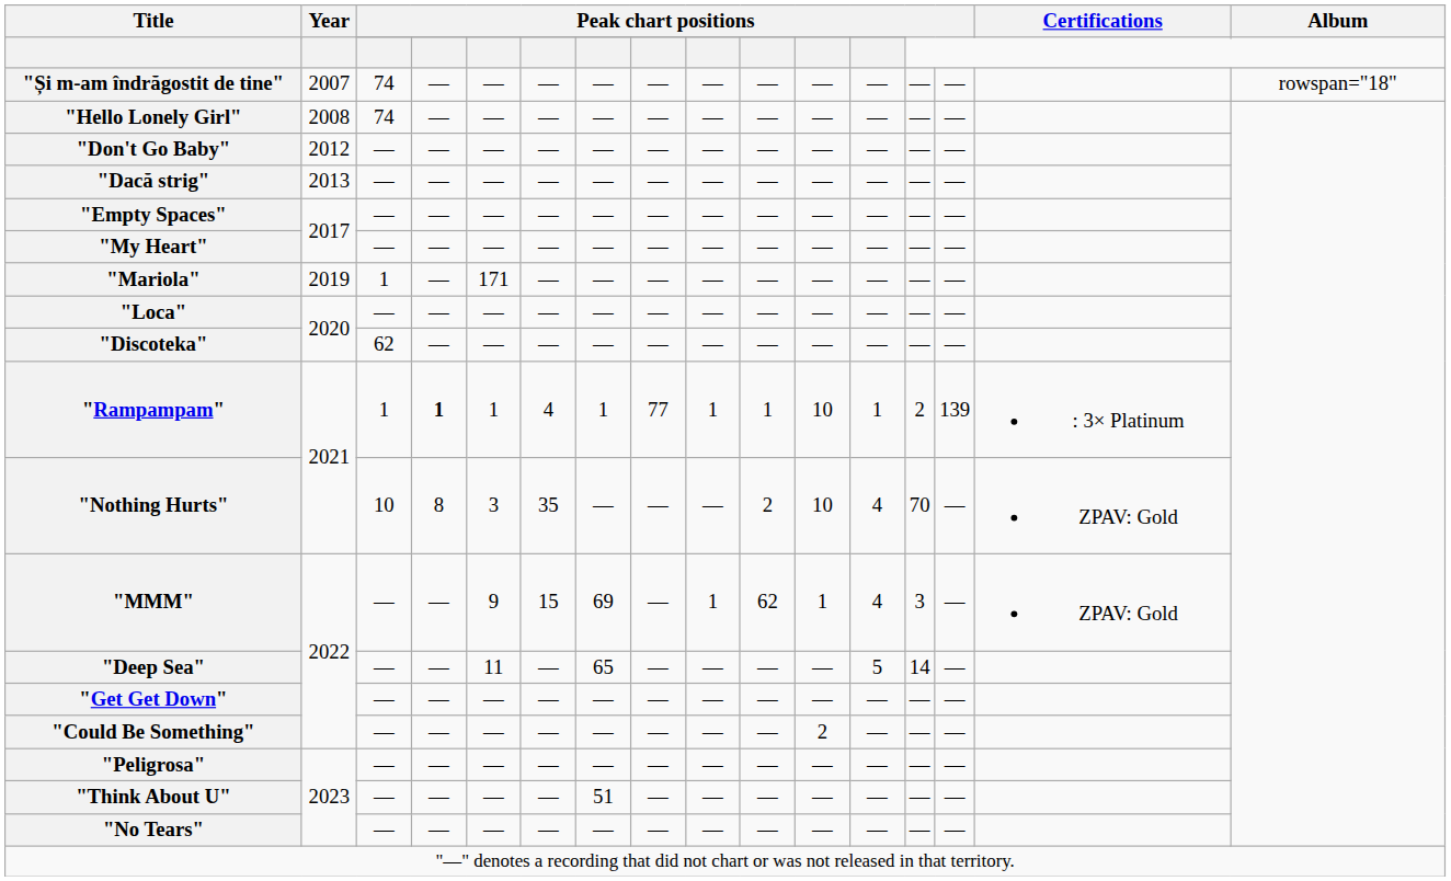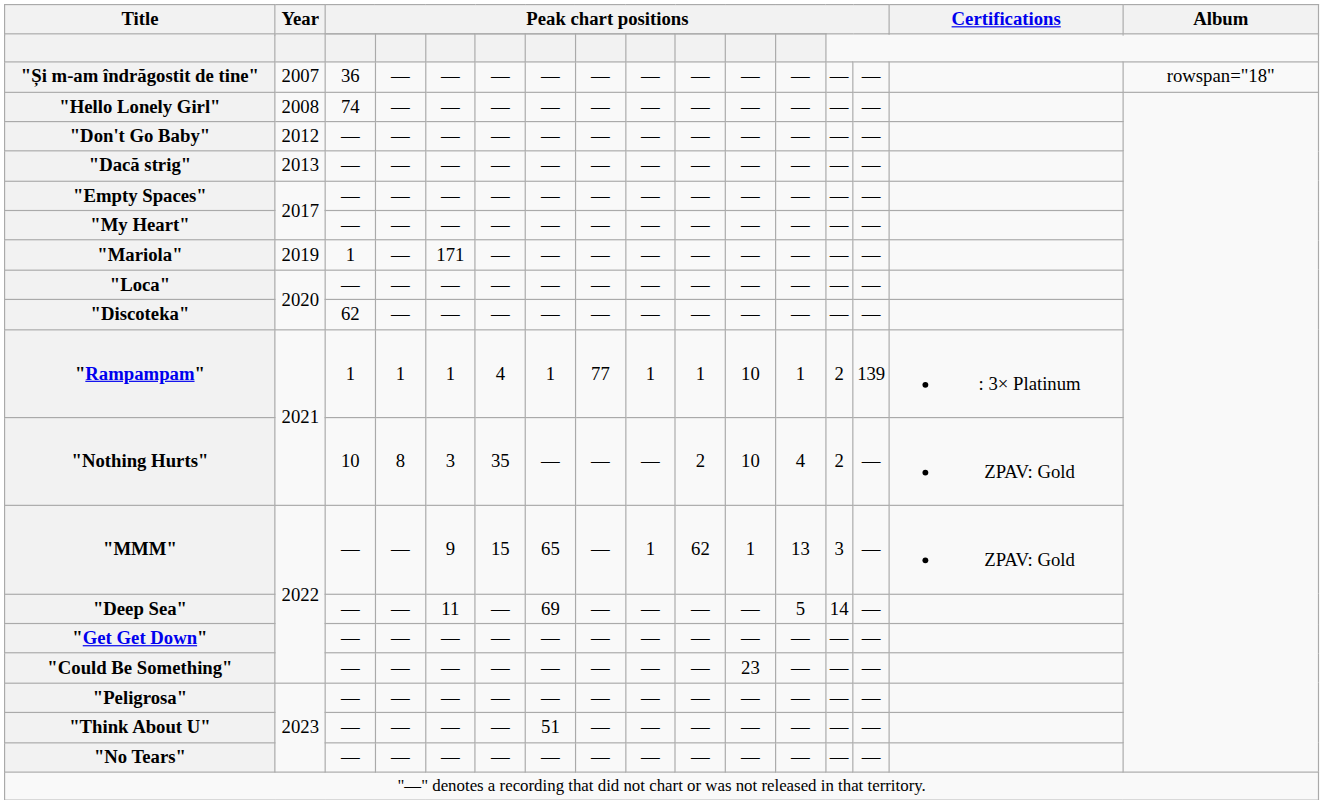 <table class="wikitable plainrowheaders" style="text-align:center;">
 <tr>
 <th scope="col" rowspan="2" style="width:14em;">Title</th>
 <th scope="col" rowspan="2" style="width:1em;">Year</th>
 <th colspan="12" scope="col">Peak chart positions</th>
 <th scope="col" rowspan="2" style="width:12em;"><a href='#'>Certifications</a></th>
 <th scope="col" rowspan="2" style="width:10em;">Album</th>
 </tr>
 <tr>
 </tr>
 <tr>
 <th scope="col" style="width:2.5em;font-size:90%;"><a href='#'></a><br></th>
 <th scope="col" style="width:2.5em;font-size:90%;"><a href='#'></a><br></th>
 <th scope="col" style="width:2.5em;font-size:90%;"><a href='#'></a><br></th>
 <th scope="col" style="width:2.5em;font-size:90%;"><a href='#'></a><br></th>
 <th scope="col" style="width:2.5em;font-size:90%;"><a href='#'></a><br></th>
 <th scope="col" style="width:2.5em;font-size:90%;"><a href='#'></a><br></th>
 <th scope="col" style="width:2.5em;font-size:90%;"><a href='#'></a><br></th>
 <th scope="col" style="width:2.5em;font-size:90%;"><a href='#'></a><br></th>
 <th scope="col" style="width:2.5em;font-size:90%;"><a href='#'></a><br></th>
 <th scope="col" style="width:2.5em;font-size:90%;"><a href='#'></a><br></th>
 <th scope="col" style="width:2.5em;font-size:90%;"><a href='#'></a><br></th>
 <th scope="col" style="width:2.5em;font-size:90%;"><a href='#'></a><br></th>
 </tr>
 <tr>
 <th scope="row">"Și m-am îndrăgostit de tine"<br></th>
 <td>2007</td>
-<td>74</td>
+<td>36</td>
 <td>—</td>
 <td>—</td>
 <td>—</td>
 <td>—</td>
 <td>—</td>
 <td>—</td>
 <td>—</td>
 <td>—</td>
 <td>—</td>
 <td>—</td>
 <td>—</td>
 <td></td>
 <td>rowspan="18" </td>
 </tr>
 <tr>
 <th scope="row">"Hello Lonely Girl"<br></th>
 <td>2008</td>
 <td>74</td>
 <td>—</td>
 <td>—</td>
 <td>—</td>
 <td>—</td>
 <td>—</td>
 <td>—</td>
 <td>—</td>
 <td>—</td>
 <td>—</td>
 <td>—</td>
 <td>—</td>
 <td></td>
 </tr>
 <tr>
 <th scope="row">"Don't Go Baby"<br></th>
 <td>2012</td>
 <td>—</td>
 <td>—</td>
 <td>—</td>
 <td>—</td>
 <td>—</td>
 <td>—</td>
 <td>—</td>
 <td>—</td>
 <td>—</td>
 <td>—</td>
 <td>—</td>
 <td>—</td>
 <td></td>
 </tr>
 <tr>
 <th scope="row">"Dacă strig"<br></th>
 <td>2013</td>
 <td>—</td>
 <td>—</td>
 <td>—</td>
 <td>—</td>
 <td>—</td>
 <td>—</td>
 <td>—</td>
 <td>—</td>
 <td>—</td>
 <td>—</td>
 <td>—</td>
 <td>—</td>
 <td></td>
 </tr>
 <tr>
 <th scope="row">"Empty Spaces"</th>
 <td rowspan="2">2017</td>
 <td>—</td>
 <td>—</td>
 <td>—</td>
 <td>—</td>
 <td>—</td>
 <td>—</td>
 <td>—</td>
 <td>—</td>
 <td>—</td>
 <td>—</td>
 <td>—</td>
 <td>—</td>
 <td></td>
 </tr>
 <tr>
 <th scope="row">"My Heart"</th>
 <td>—</td>
 <td>—</td>
 <td>—</td>
 <td>—</td>
 <td>—</td>
 <td>—</td>
 <td>—</td>
 <td>—</td>
 <td>—</td>
 <td>—</td>
 <td>—</td>
 <td>—</td>
 <td></td>
 </tr>
 <tr>
 <th scope="row">"Mariola"</th>
 <td>2019</td>
 <td>1</td>
 <td>—</td>
 <td>171</td>
 <td>—</td>
 <td>—</td>
 <td>—</td>
 <td>—</td>
 <td>—</td>
 <td>—</td>
 <td>—</td>
 <td>—</td>
 <td>—</td>
 <td></td>
 </tr>
 <tr>
 <th scope="row">"Loca"<br></th>
 <td rowspan="2">2020</td>
 <td>—</td>
 <td>—</td>
 <td>—</td>
 <td>—</td>
 <td>—</td>
 <td>—</td>
 <td>—</td>
 <td>—</td>
 <td>—</td>
 <td>—</td>
 <td>—</td>
 <td>—</td>
 <td></td>
 </tr>
 <tr>
 <th scope="row">"Discoteka"<br></th>
 <td>62</td>
 <td>—</td>
 <td>—</td>
 <td>—</td>
 <td>—</td>
 <td>—</td>
 <td>—</td>
 <td>—</td>
 <td>—</td>
 <td>—</td>
 <td>—</td>
 <td>—</td>
 <td></td>
 </tr>
 <tr>
 <th scope="row">"<a href='#'>Rampampam</a>"</th>
 <td rowspan="2">2021</td>
 <td>1</td>
-<td><strong>1</strong></td>
+<td>1</td>
 <td>1</td>
 <td>4</td>
 <td>1</td>
 <td>77</td>
 <td>1</td>
 <td>1</td>
 <td>10</td>
 <td>1</td>
 <td>2</td>
 <td>139</td>
 <td><br><ul><li><a href='#'></a>: 3× Platinum</li></ul></td>
 </tr>
 <tr>
 <th scope="row">"Nothing Hurts"</th>
 <td>10</td>
 <td>8</td>
 <td>3</td>
 <td>35</td>
 <td>—</td>
 <td>—</td>
 <td>—</td>
 <td>2</td>
 <td>10</td>
 <td>4</td>
-<td>70</td>
+<td>2</td>
 <td>—</td>
 <td><br><ul><li>ZPAV: Gold</li></ul></td>
 </tr>
 <tr>
 <th scope="row">"MMM"</th>
 <td rowspan="4">2022</td>
 <td>—</td>
 <td>—</td>
 <td>9</td>
 <td>15</td>
-<td>69</td>
+<td>65</td>
 <td>—</td>
 <td>1</td>
 <td>62</td>
 <td>1</td>
-<td>4</td>
+<td>13</td>
 <td>3</td>
 <td>—</td>
 <td><br><ul><li>ZPAV: Gold</li></ul></td>
 </tr>
 <tr>
 <th scope="row">"Deep Sea"<br></th>
 <td>—</td>
 <td>—</td>
 <td>11</td>
 <td>—</td>
-<td>65</td>
+<td>69</td>
 <td>—</td>
 <td>—</td>
 <td>—</td>
 <td>—</td>
 <td>5</td>
 <td>14</td>
 <td>—</td>
 <td></td>
 </tr>
 <tr>
 <th scope="row">"<a href='#'>Get Get Down</a>"<br></th>
 <td>—</td>
 <td>—</td>
 <td>—</td>
 <td>—</td>
 <td>—</td>
 <td>—</td>
 <td>—</td>
 <td>—</td>
 <td>—</td>
 <td>—</td>
 <td>—</td>
 <td>—</td>
 <td></td>
 </tr>
 <tr>
 <th scope="row">"Could Be Something"</th>
 <td>—</td>
 <td>—</td>
 <td>—</td>
 <td>—</td>
 <td>—</td>
 <td>—</td>
 <td>—</td>
 <td>—</td>
-<td>2</td>
+<td>23</td>
 <td>—</td>
 <td>—</td>
 <td>—</td>
 <td></td>
 </tr>
 <tr>
 <th scope="row">"Peligrosa"</th>
 <td rowspan=3>2023</td>
 <td>—</td>
 <td>—</td>
 <td>—</td>
 <td>—</td>
 <td>—</td>
 <td>—</td>
 <td>—</td>
 <td>—</td>
 <td>—</td>
 <td>—</td>
 <td>—</td>
 <td>—</td>
 <td></td>
 </tr>
 <tr>
 <th scope="row">"Think About U"<br></th>
 <td>—</td>
 <td>—</td>
 <td>—</td>
 <td>—</td>
 <td>51</td>
 <td>—</td>
 <td>—</td>
 <td>—</td>
 <td>—</td>
 <td>—</td>
 <td>—</td>
 <td>—</td>
 <td></td>
 </tr>
 <tr>
 <th scope="row">"No Tears"</th>
 <td>—</td>
 <td>—</td>
 <td>—</td>
 <td>—</td>
 <td>—</td>
 <td>—</td>
 <td>—</td>
 <td>—</td>
 <td>—</td>
 <td>—</td>
 <td>—</td>
 <td>—</td>
 <td></td>
 </tr>
 <tr>
 <td colspan="19" style="font-size:90%">"—" denotes a recording that did not chart or was not released in that territory.</td>
 </tr>
 </table>
